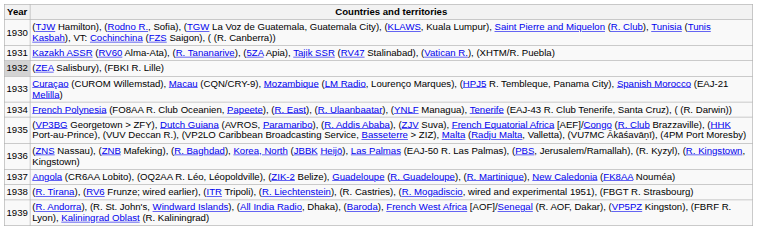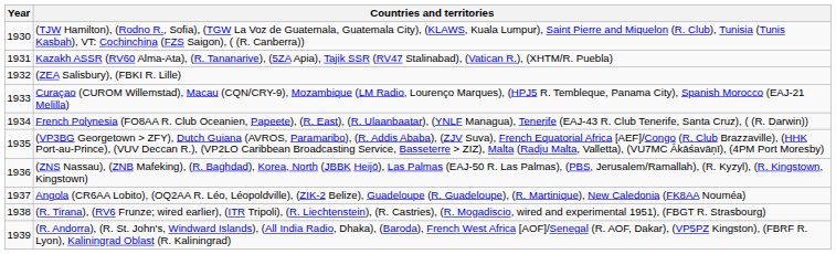 <table class="wikitable">
 <tr>
 <th>Year</th>
 <th>Countries and territories</th>
 </tr>
 <tr>
 <td>1930</td>
 <td> (<a href='#'>TJW</a> Hamilton),  (<a href='#'>Rodno R.</a>, Sofia),  (<a href='#'>TGW</a> La Voz de Guatemala, Guatemala City),  (<a href='#'>KLAWS</a>, Kuala Lumpur),  <a href='#'>Saint Pierre and Miquelon</a> (<a href='#'>R. Club</a>),  <a href='#'>Tunisia</a> (<a href='#'>Tunis Kasbah</a>),  VT: <a href='#'>Cochinchina</a> (<a href='#'>FZS</a> Saigon),  ( (R. Canberra))</td>
 </tr>
 <tr>
 <td>1931</td>
 <td> <a href='#'>Kazakh ASSR</a> (<a href='#'>RV60</a> Alma-Ata),  (<a href='#'>R. Tananarive</a>),  (<a href='#'>5ZA</a> Apia),  <a href='#'>Tajik SSR</a> (<a href='#'>RV47</a> Stalinabad),  (<a href='#'>Vatican R.</a>),  (XHTM/R. Puebla)</td>
 </tr>
 <tr>
-<td style="background: lightgrey;">1932</td>
+<td>1932</td>
 <td> (<a href='#'>ZEA</a> Salisbury),  (FBKI R. Lille)</td>
 </tr>
 <tr>
 <td>1933</td>
 <td> <a href='#'>Curaçao</a> (CUROM Willemstad),  <a href='#'>Macau</a> (CQN/CRY-9),  <a href='#'>Mozambique</a> (<a href='#'>LM Radio</a>, Lourenço Marques),  (<a href='#'>HPJ5</a> R. Tembleque, Panama City),  <a href='#'>Spanish Morocco</a> (EAJ-21 <a href='#'>Melilla</a>)</td>
 </tr>
 <tr>
 <td>1934</td>
 <td> <a href='#'>French Polynesia</a> (FO8AA R. Club Oceanien, <a href='#'>Papeete</a>),  (<a href='#'>R. East</a>),  (<a href='#'>R. Ulaanbaatar</a>),  (<a href='#'>YNLF</a> Managua),  <a href='#'>Tenerife</a> (EAJ-43 R. Club Tenerife, Santa Cruz),  ( (R. Darwin))</td>
 </tr>
 <tr>
 <td>1935</td>
 <td> (<a href='#'>VP3BG</a> Georgetown > ZFY),  <a href='#'>Dutch Guiana</a> (AVROS, <a href='#'>Paramaribo</a>),  (<a href='#'>R. Addis Ababa</a>),  (<a href='#'>ZJV</a> Suva),  <a href='#'>French Equatorial Africa</a> [AEF]/<a href='#'>Congo</a> (<a href='#'>R. Club</a> Brazzaville),  (<a href='#'>HHK</a> Port-au-Prince),  (VUV Deccan R.),  (VP2LO Caribbean Broadcasting Service, <a href='#'>Basseterre</a> > ZIZ),  <a href='#'>Malta</a> (<a href='#'>Radju Malta</a>, Valletta),  (VU7MC Ākāśavāṇī),  (4PM Port Moresby)</td>
 </tr>
 <tr>
 <td>1936</td>
 <td> (<a href='#'>ZNS</a> Nassau),  (<a href='#'>ZNB</a> Mafeking),  (<a href='#'>R. Baghdad</a>),  <a href='#'>Korea, North</a> (<a href='#'>JBBK</a> <a href='#'>Heijō</a>),  <a href='#'>Las Palmas</a> (EAJ-50 R. Las Palmas),  (<a href='#'>PBS</a>, Jerusalem/Ramallah),  (R. Kyzyl),  (<a href='#'>R. Kingstown</a>, Kingstown)</td>
 </tr>
 <tr>
 <td>1937</td>
 <td> <a href='#'>Angola</a> (CR6AA Lobito),  (OQ2AA R. Léo, Léopoldville),  (<a href='#'>ZIK-2</a> Belize),  <a href='#'>Guadeloupe</a> (<a href='#'>R. Guadeloupe</a>),  (<a href='#'>R. Martinique</a>),  <a href='#'>New Caledonia</a> (<a href='#'>FK8AA</a> Nouméa)</td>
 </tr>
 <tr>
 <td>1938</td>
 <td> (<a href='#'>R. Tirana</a>),  (<a href='#'>RV6</a> Frunze; wired earlier),  (<a href='#'>ITR</a> Tripoli),  (<a href='#'>R. Liechtenstein</a>),  (R. Castries),  (<a href='#'>R. Mogadiscio</a>, wired and experimental 1951),  (FBGT R. Strasbourg)</td>
 </tr>
 <tr>
 <td>1939</td>
 <td> (<a href='#'>R. Andorra</a>),  (R. St. John's, <a href='#'>Windward Islands</a>),  (<a href='#'>All India Radio</a>, Dhaka),  (<a href='#'>Baroda</a>),  <a href='#'>French West Africa</a> [AOF]/<a href='#'>Senegal</a> (R. AOF, Dakar),  (<a href='#'>VP5PZ</a> Kingston),  (FBRF R. Lyon),  <a href='#'>Kaliningrad Oblast</a> (R. Kaliningrad)</td>
 </tr>
 </table>
